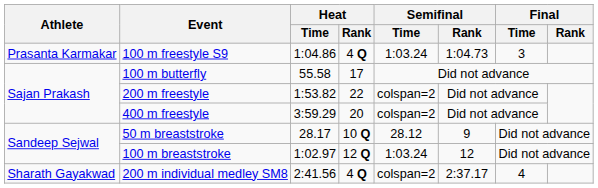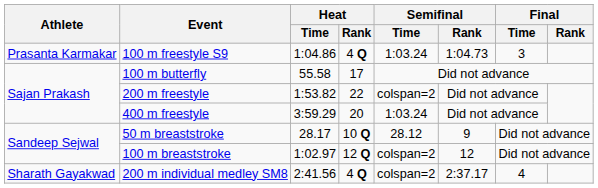 <table class=wikitable style="text-align:center; font-size:90%">
 <tr>
 <th rowspan=2>Athlete</th>
 <th rowspan=2>Event</th>
 <th colspan=2>Heat</th>
 <th colspan=2>Semifinal</th>
 <th colspan=2>Final</th>
 </tr>
 <tr style=font-size:95%>
 <th>Time</th>
 <th>Rank</th>
 <th>Time</th>
 <th>Rank</th>
 <th>Time</th>
 <th>Rank</th>
 </tr>
 <tr>
 <td align=left><a href='#'>Prasanta Karmakar</a></td>
 <td align=left><a href='#'>100 m freestyle S9</a></td>
 <td>1:04.86</td>
 <td>4 <strong>Q</strong></td>
 <td>1:03.24</td>
 <td>1:04.73</td>
 <td>3</td>
 </tr>
 <tr>
 <td align=left rowspan=3><a href='#'>Sajan Prakash</a></td>
 <td align=left><a href='#'>100 m butterfly</a></td>
 <td>55.58</td>
 <td>17</td>
 <td colspan=4>Did not advance</td>
 </tr>
 <tr>
 <td align=left><a href='#'>200 m freestyle</a></td>
 <td>1:53.82</td>
 <td>22</td>
 <td>colspan=2 </td>
 <td colspan=2>Did not advance</td>
 </tr>
 <tr>
 <td align=left><a href='#'>400 m freestyle</a></td>
 <td>3:59.29</td>
 <td>20</td>
-<td>colspan=2 </td>
+<td>1:03.24</td>
 <td colspan=2>Did not advance</td>
 </tr>
 <tr>
 <td align=left rowspan=2><a href='#'>Sandeep Sejwal</a></td>
 <td align=left><a href='#'>50 m breaststroke</a></td>
 <td>28.17</td>
 <td>10 <strong>Q</strong></td>
 <td>28.12</td>
 <td>9</td>
 <td colspan=2>Did not advance</td>
 </tr>
 <tr>
 <td align=left><a href='#'>100 m breaststroke</a></td>
 <td>1:02.97</td>
 <td>12 <strong>Q</strong></td>
-<td>1:03.24</td>
+<td>colspan=2 </td>
 <td>12</td>
 <td colspan=2>Did not advance</td>
 </tr>
 <tr>
 <td align=left><a href='#'>Sharath Gayakwad</a></td>
 <td align=left><a href='#'>200 m individual medley SM8</a></td>
 <td>2:41.56</td>
 <td>4 <strong>Q</strong></td>
 <td>colspan=2 </td>
 <td>2:37.17</td>
 <td>4</td>
 </tr>
 </table>
